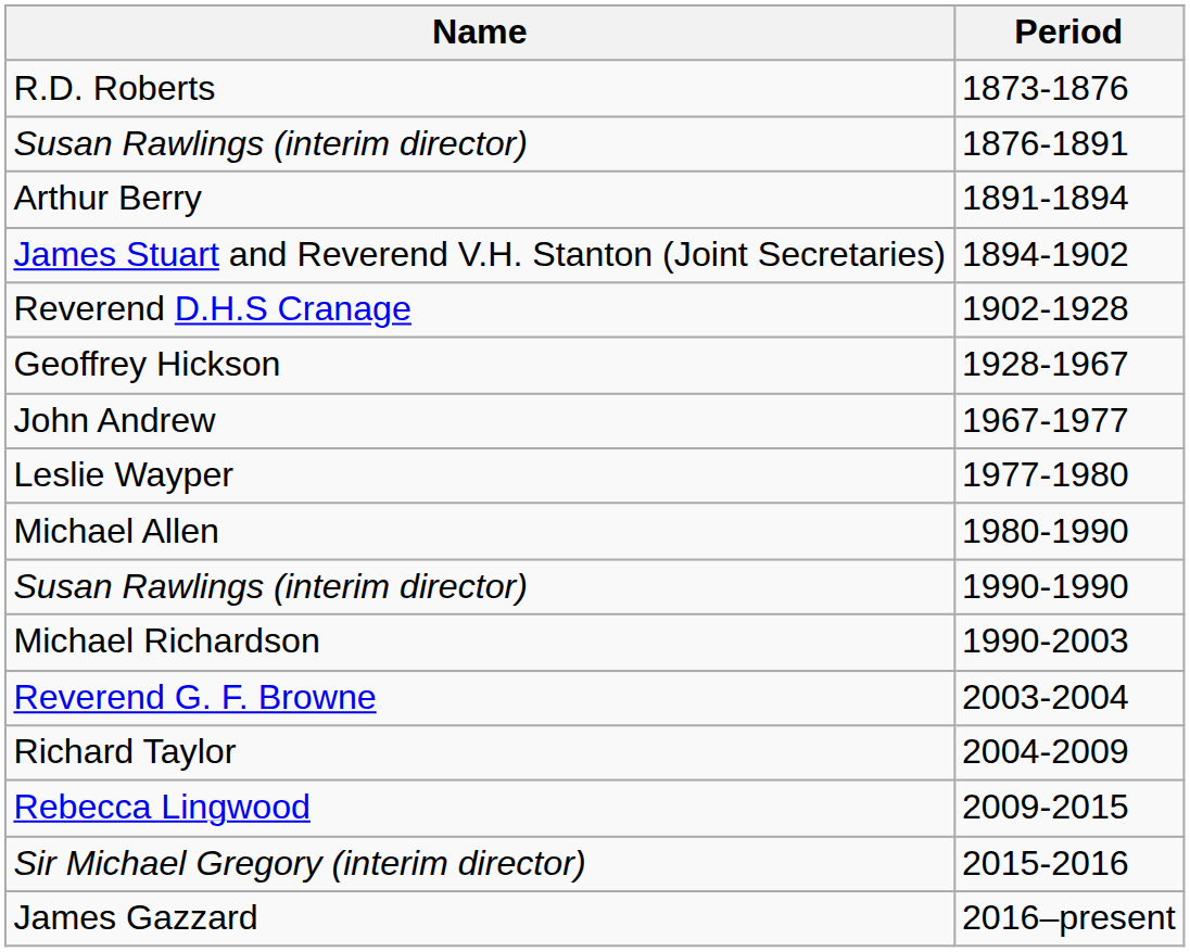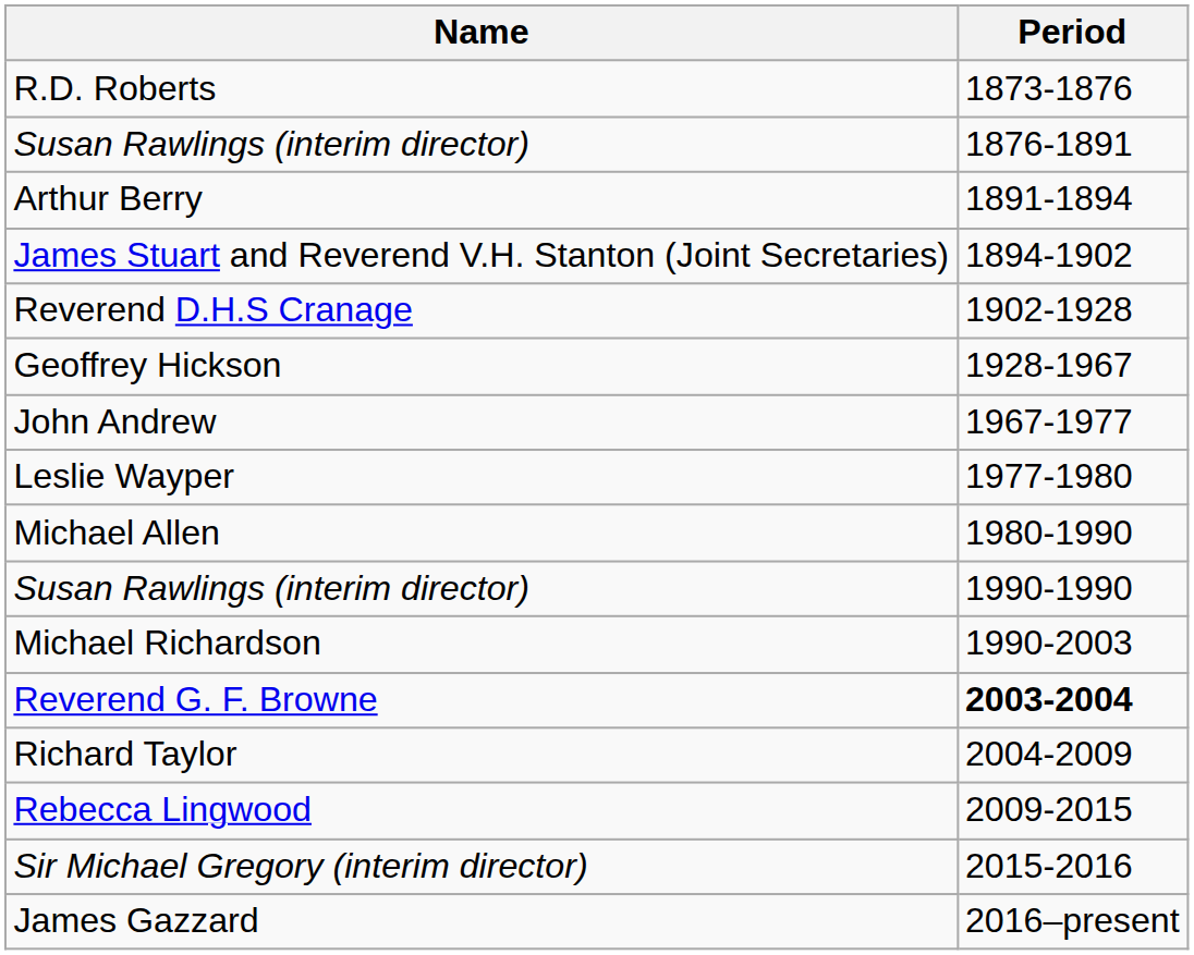 <table class="wikitable sortable">
 <tr>
 <th>Name</th>
 <th>Period</th>
 </tr>
 <tr>
 <td>R.D. Roberts</td>
 <td>1873-1876</td>
 </tr>
 <tr>
 <td><em>Susan Rawlings (interim director)</em></td>
 <td>1876-1891</td>
 </tr>
 <tr>
 <td>Arthur Berry</td>
 <td>1891-1894</td>
 </tr>
 <tr>
 <td><a href='#'>James Stuart</a> and Reverend V.H. Stanton (Joint Secretaries)</td>
 <td>1894-1902</td>
 </tr>
 <tr>
 <td>Reverend <a href='#'>D.H.S Cranage</a></td>
 <td>1902-1928</td>
 </tr>
 <tr>
 <td>Geoffrey Hickson</td>
 <td>1928-1967</td>
 </tr>
 <tr>
 <td>John Andrew</td>
 <td>1967-1977</td>
 </tr>
 <tr>
 <td>Leslie Wayper</td>
 <td>1977-1980</td>
 </tr>
 <tr>
 <td>Michael Allen</td>
 <td>1980-1990</td>
 </tr>
 <tr>
 <td><em>Susan Rawlings (interim director)</em></td>
 <td>1990-1990</td>
 </tr>
 <tr>
 <td>Michael Richardson</td>
 <td>1990-2003</td>
 </tr>
 <tr>
 <td><a href='#'>Reverend G. F. Browne</a></td>
-<td>2003-2004</td>
+<td><strong>2003-2004</strong></td>
 </tr>
 <tr>
 <td>Richard Taylor</td>
 <td>2004-2009</td>
 </tr>
 <tr>
 <td><a href='#'>Rebecca Lingwood</a></td>
 <td>2009-2015</td>
 </tr>
 <tr>
 <td><em>Sir Michael Gregory (interim director)</em></td>
 <td>2015-2016</td>
 </tr>
 <tr>
 <td>James Gazzard</td>
 <td>2016–present</td>
 </tr>
 </table>
